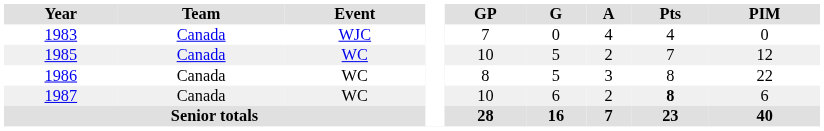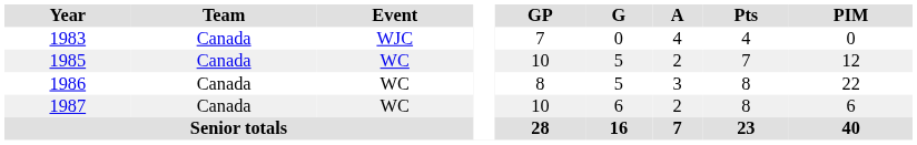 <table border="0" cellpadding="1" cellspacing="0" style="text-align:center; width:50em">
 <tr ALIGN="center" bgcolor="#e0e0e0">
 <th>Year</th>
 <th>Team</th>
 <th>Event</th>
 <th rowspan="99" bgcolor="#ffffff"> </th>
 <th>GP</th>
 <th>G</th>
 <th>A</th>
 <th>Pts</th>
 <th>PIM</th>
 </tr>
 <tr>
 <td><a href='#'>1983</a></td>
 <td><a href='#'>Canada</a></td>
 <td><a href='#'>WJC</a></td>
 <td>7</td>
 <td>0</td>
 <td>4</td>
 <td>4</td>
 <td>0</td>
 </tr>
 <tr bgcolor="#f0f0f0">
 <td><a href='#'>1985</a></td>
 <td><a href='#'>Canada</a></td>
 <td><a href='#'>WC</a></td>
 <td>10</td>
 <td>5</td>
 <td>2</td>
 <td>7</td>
 <td>12</td>
 </tr>
 <tr>
 <td><a href='#'>1986</a></td>
 <td>Canada</td>
 <td>WC</td>
 <td>8</td>
 <td>5</td>
 <td>3</td>
 <td>8</td>
 <td>22</td>
 </tr>
 <tr bgcolor="#f0f0f0">
 <td><a href='#'>1987</a></td>
 <td>Canada</td>
 <td>WC</td>
 <td>10</td>
 <td>6</td>
 <td>2</td>
-<td><strong>8</strong></td>
+<td>8</td>
 <td>6</td>
 </tr>
 <tr bgcolor="#e0e0e0">
 <th colspan=3>Senior totals</th>
 <th>28</th>
 <th>16</th>
 <th>7</th>
 <th>23</th>
 <th>40</th>
 </tr>
 </table>
